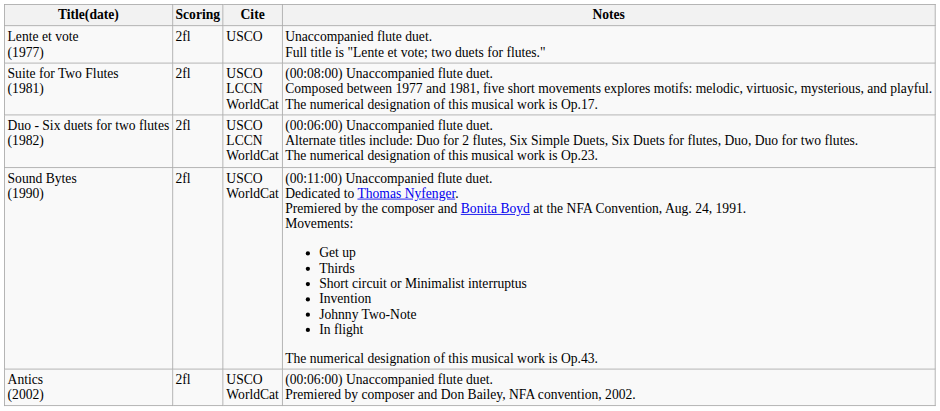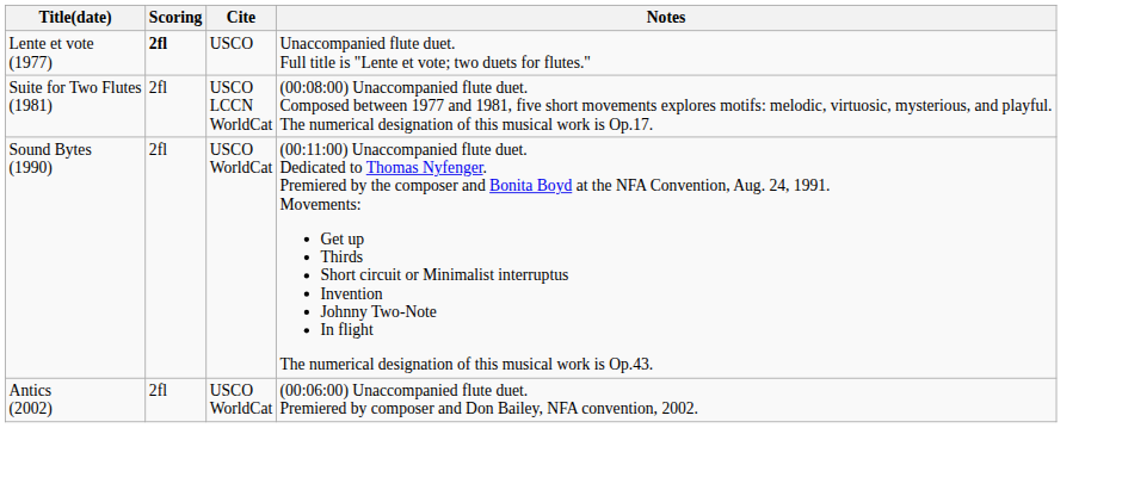 <table class="sortable wikitable" style="margins:auto; width=95%;">
 <tr>
 <th width="">Title(date)</th>
 <th width="">Scoring</th>
 <th width="">Cite</th>
 <th width="">Notes</th>
 </tr>
 <tr valign="top">
 <td>Lente et vote<br>(1977)</td>
-<td>2fl</td>
+<td><strong>2fl</strong></td>
 <td>USCO</td>
 <td>Unaccompanied flute duet.<br>Full title is "Lente et vote; two duets for flutes."</td>
 </tr>
 <tr valign="top">
 <td>Suite for Two Flutes<br>(1981)</td>
 <td>2fl</td>
 <td>USCO<br>LCCN<br>WorldCat</td>
 <td>(00:08:00) Unaccompanied flute duet.<br>Composed between 1977 and 1981, five short movements explores motifs: melodic, virtuosic, mysterious, and playful.<br>The numerical designation of this musical work is Op.17.</td>
-</tr>
-<tr valign="top">
-<td>Duo - Six duets for two flutes<br>(1982)</td>
-<td>2fl</td>
-<td>USCO<br>LCCN<br>WorldCat</td>
-<td>(00:06:00) Unaccompanied flute duet.<br>Alternate titles include: Duo for 2 flutes, Six Simple Duets, Six Duets for flutes, Duo, Duo for two flutes.<br>The numerical designation of this musical work is Op.23.</td>
 </tr>
 <tr valign="top">
 <td>Sound Bytes<br>(1990)</td>
 <td>2fl</td>
 <td>USCO<br>WorldCat</td>
 <td>(00:11:00) Unaccompanied flute duet.<br>Dedicated to <a href='#'>Thomas Nyfenger</a>.<br>Premiered by the composer and <a href='#'>Bonita Boyd</a> at the NFA Convention, Aug. 24, 1991.<br>Movements:<ul><li>Get up</li><li>Thirds</li><li>Short circuit or Minimalist interruptus</li><li>Invention</li><li>Johnny Two-Note</li><li>In flight</li></ul>The numerical designation of this musical work is Op.43.</td>
 </tr>
 <tr valign="top">
 <td>Antics<br>(2002)</td>
 <td>2fl</td>
 <td>USCO<br>WorldCat</td>
 <td>(00:06:00) Unaccompanied flute duet.<br>Premiered by composer and Don Bailey, NFA convention, 2002.</td>
 </tr>
 </table>
